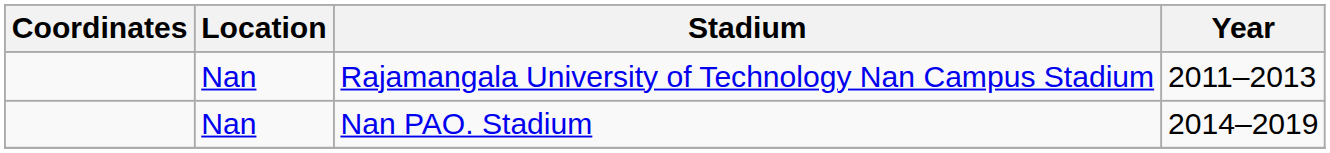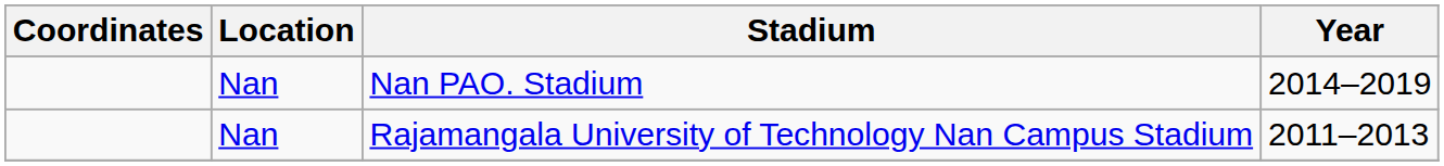 <table class="wikitable sortable">
 <tr>
 <th>Coordinates</th>
 <th>Location</th>
 <th>Stadium</th>
 <th>Year</th>
 </tr>
 <tr>
 <td></td>
 <td><a href='#'>Nan</a></td>
+<td><a href='#'>Nan PAO. Stadium</a></td>
+<td>2014–2019</td>
+</tr>
+<tr>
+<td></td>
+<td><a href='#'>Nan</a></td>
 <td><a href='#'>Rajamangala University of Technology Nan Campus Stadium</a></td>
 <td>2011–2013</td>
 </tr>
 <tr>
-<td></td>
-<td><a href='#'>Nan</a></td>
-<td><a href='#'>Nan PAO. Stadium</a></td>
-<td>2014–2019</td>
-</tr>
-<tr>
 </tr>
 </table>
